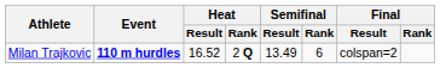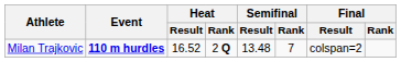 <table class="wikitable" style="font-size:90%">
 <tr>
 <th rowspan="2">Athlete</th>
 <th rowspan="2">Event</th>
 <th colspan="2">Heat</th>
 <th colspan="2">Semifinal</th>
 <th colspan="2">Final</th>
 </tr>
 <tr style="font-size:95%">
 <th>Result</th>
 <th>Rank</th>
 <th>Result</th>
 <th>Rank</th>
 <th>Result</th>
 <th>Rank</th>
 </tr>
 <tr align=center>
 <td align=left><a href='#'>Milan Trajkovic</a></td>
 <td align=left><strong><a href='#'>110 m hurdles</a></strong></td>
 <td>16.52</td>
 <td>2 <strong>Q</strong></td>
-<td>13.49</td>
-<td>6</td>
+<td>13.48</td>
+<td>7</td>
 <td>colspan=2 </td>
 </tr>
 </table>
